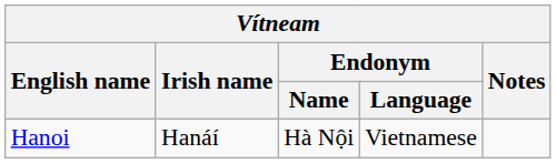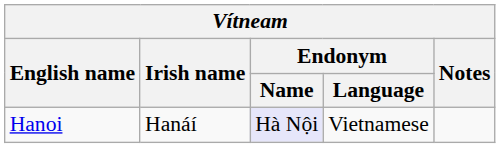 <table class="wikitable sortable">
 <tr>
 <th colspan="5"> <em>Vítneam</em></th>
 </tr>
 <tr>
 <th rowspan="2">English name</th>
 <th rowspan="2">Irish name</th>
 <th colspan="2">Endonym</th>
 <th rowspan="2">Notes</th>
 </tr>
 <tr>
 <th>Name</th>
 <th>Language</th>
 </tr>
 <tr>
 <td><a href='#'>Hanoi</a></td>
 <td>Hanáí</td>
-<td>Hà Nội</td>
+<td style="background: lavender;">Hà Nội</td>
 <td>Vietnamese</td>
 <td></td>
 </tr>
 </table>
